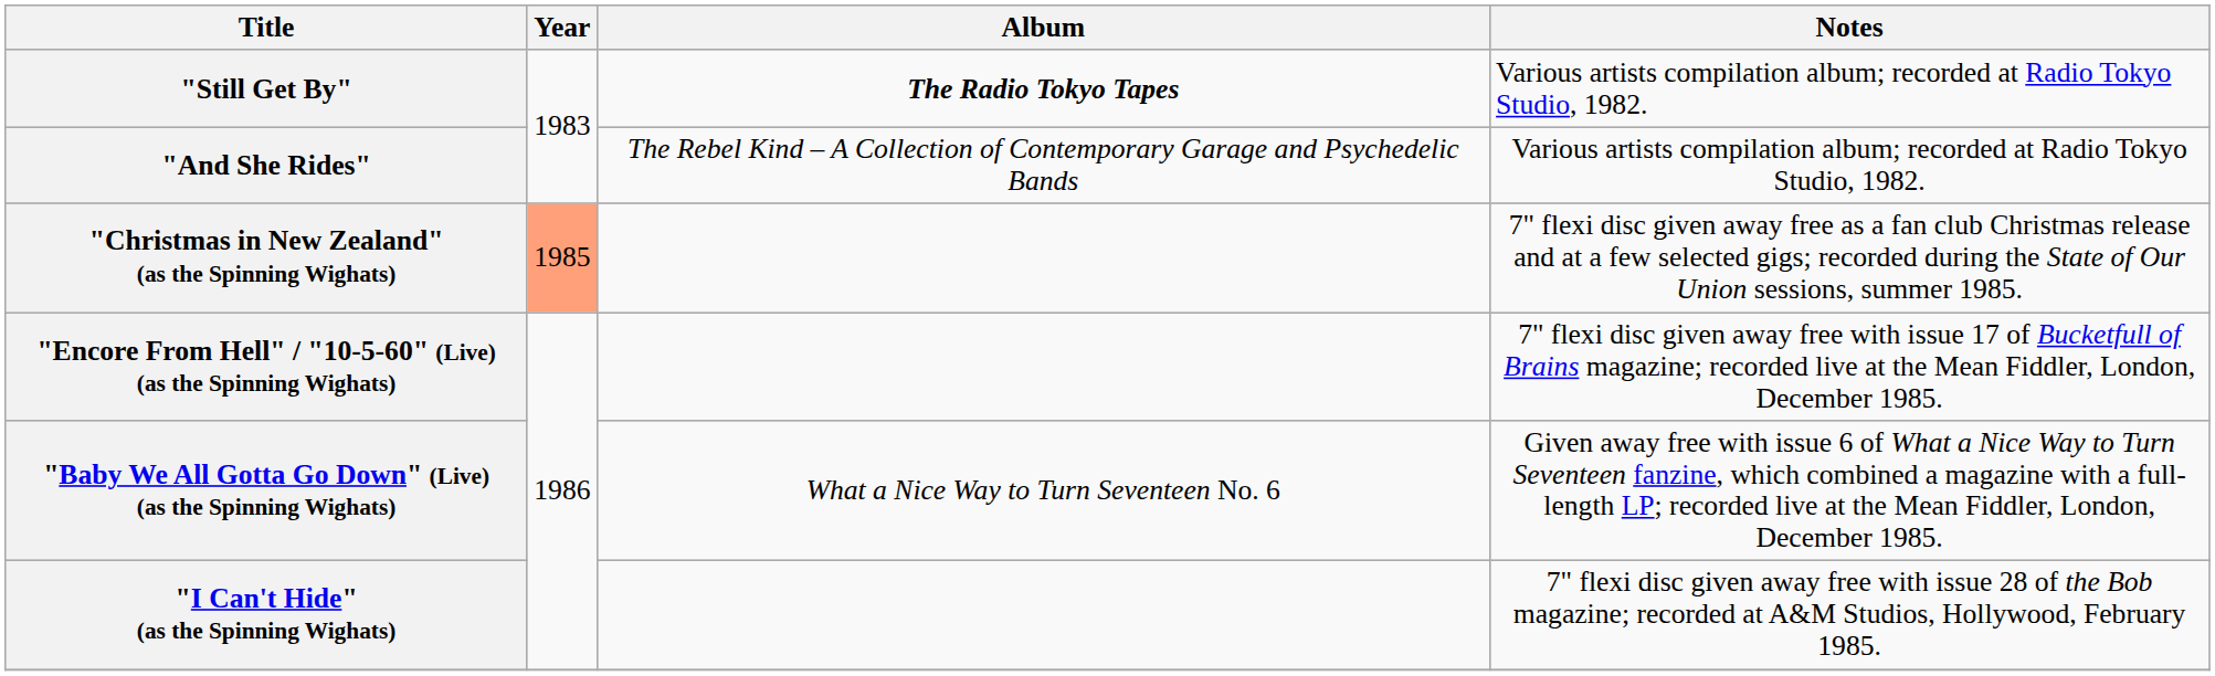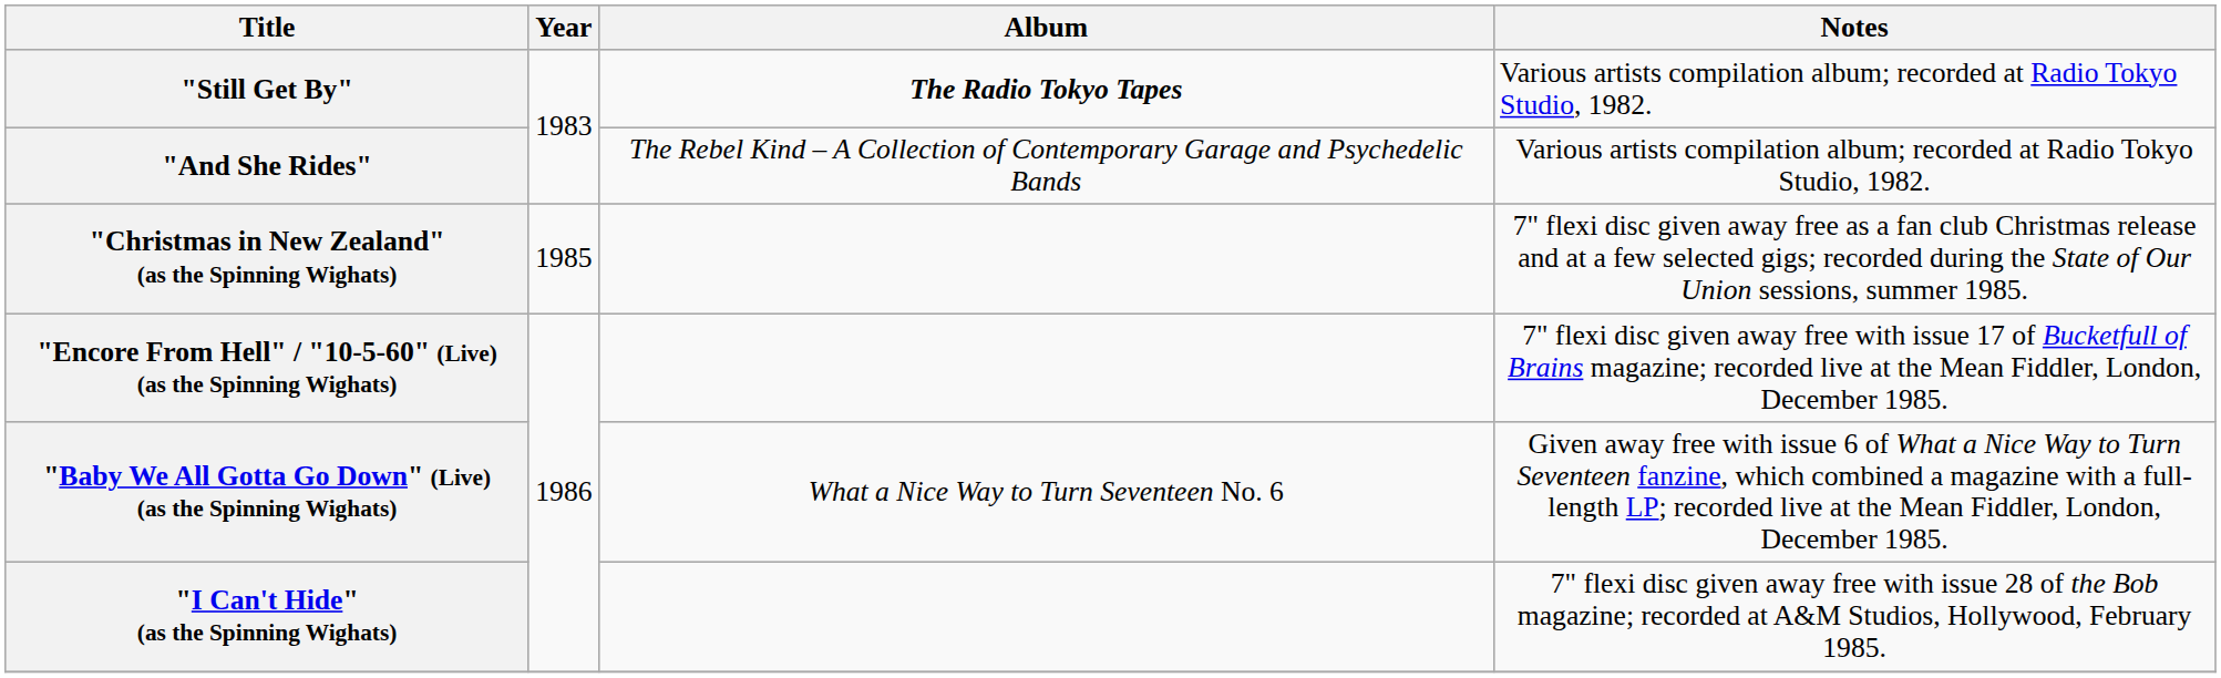 <table class="wikitable plainrowheaders" style="text-align:center;">
 <tr>
 <th scope="col" style="width:18em;">Title</th>
 <th scope="col">Year</th>
 <th scope="col">Album</th>
 <th scope="col" style="width:25em;">Notes</th>
 </tr>
 <tr>
 <th scope="row">"Still Get By"</th>
 <td rowspan="2">1983</td>
 <td><strong><em>The Radio Tokyo Tapes</em></strong></td>
 <td style="text-align:left;">Various artists compilation album; recorded at <a href='#'>Radio Tokyo Studio</a>, 1982.</td>
 </tr>
 <tr>
 <th scope="row">"And She Rides"</th>
 <td><em>The Rebel Kind – A Collection of Contemporary Garage and Psychedelic Bands</em></td>
 <td>Various artists compilation album; recorded at Radio Tokyo Studio, 1982.</td>
 </tr>
 <tr>
 <th scope="row">"Christmas in New Zealand"<br><small>(as the Spinning Wighats)</small></th>
-<td style="background: lightsalmon;">1985</td>
+<td>1985</td>
 <td></td>
 <td>7" flexi disc given away free as a fan club Christmas release and at a few selected gigs; recorded during the <em>State of Our Union</em> sessions, summer 1985.</td>
 </tr>
 <tr>
 <th scope="row">"Encore From Hell" / "10-5-60" <small>(Live)</small><br><small>(as the Spinning Wighats)</small></th>
 <td rowspan="3">1986</td>
 <td></td>
 <td>7" flexi disc given away free with issue 17 of <em><a href='#'>Bucketfull of Brains</a></em> magazine; recorded live at the Mean Fiddler, London, December 1985.</td>
 </tr>
 <tr>
 <th scope="row">"<a href='#'>Baby We All Gotta Go Down</a>" <small>(Live)</small><br><small>(as the Spinning Wighats)</small></th>
 <td><em>What a Nice Way to Turn Seventeen</em> No. 6</td>
 <td>Given away free with issue 6 of <em>What a Nice Way to Turn Seventeen</em> <a href='#'>fanzine</a>, which combined a magazine with a full-length <a href='#'>LP</a>; recorded live at the Mean Fiddler, London, December 1985.</td>
 </tr>
 <tr>
 <th scope="row">"<a href='#'>I Can't Hide</a>"<br><small>(as the Spinning Wighats)</small></th>
 <td></td>
 <td>7" flexi disc given away free with issue 28 of <em>the Bob</em> magazine; recorded at A&M Studios, Hollywood, February 1985.</td>
 </tr>
 <tr>
 </tr>
 </table>
